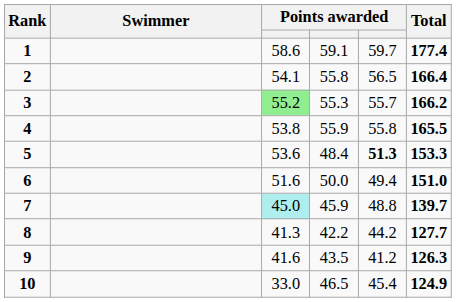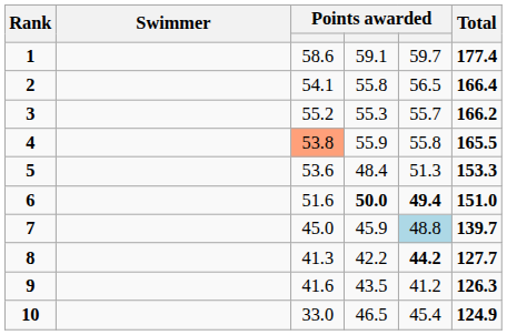 <table class="wikitable" style="text-align:center;">
 <tr>
 <th rowspan=2>Rank</th>
 <th rowspan=2 width=200>Swimmer</th>
 <th colspan=3>Points awarded</th>
 <th rowspan=2>Total</th>
 </tr>
 <tr>
 <th width=40></th>
 <th width=40></th>
 <th width=40></th>
 </tr>
 <tr>
 <td><strong>1</strong></td>
 <td align=left></td>
 <td>58.6</td>
 <td>59.1</td>
 <td>59.7</td>
 <td><strong>177.4</strong></td>
 </tr>
 <tr>
 <td><strong>2</strong></td>
 <td align=left></td>
 <td>54.1</td>
 <td>55.8</td>
 <td>56.5</td>
 <td><strong>166.4</strong></td>
 </tr>
 <tr>
 <td><strong>3</strong></td>
 <td align=left></td>
-<td style="background: lightgreen;">55.2</td>
+<td>55.2</td>
 <td>55.3</td>
 <td>55.7</td>
 <td><strong>166.2</strong></td>
 </tr>
 <tr>
 <td><strong>4</strong></td>
 <td align=left></td>
-<td>53.8</td>
+<td style="background: lightsalmon;">53.8</td>
 <td>55.9</td>
 <td>55.8</td>
 <td><strong>165.5</strong></td>
 </tr>
 <tr>
 <td><strong>5</strong></td>
 <td align=left></td>
 <td>53.6</td>
 <td>48.4</td>
-<td><strong>51.3</strong></td>
+<td>51.3</td>
 <td><strong>153.3</strong></td>
 </tr>
 <tr>
 <td><strong>6</strong></td>
 <td align=left></td>
 <td>51.6</td>
-<td>50.0</td>
-<td>49.4</td>
+<td><strong>50.0</strong></td>
+<td><strong>49.4</strong></td>
 <td><strong>151.0</strong></td>
 </tr>
 <tr>
 <td><strong>7</strong></td>
 <td align=left></td>
-<td style="background: paleturquoise;">45.0</td>
+<td>45.0</td>
 <td>45.9</td>
-<td>48.8</td>
+<td style="background: lightblue;">48.8</td>
 <td><strong>139.7</strong></td>
 </tr>
 <tr>
 <td><strong>8</strong></td>
 <td align=left></td>
 <td>41.3</td>
 <td>42.2</td>
-<td>44.2</td>
+<td><strong>44.2</strong></td>
 <td><strong>127.7</strong></td>
 </tr>
 <tr>
 <td><strong>9</strong></td>
 <td align=left></td>
 <td>41.6</td>
 <td>43.5</td>
 <td>41.2</td>
 <td><strong>126.3</strong></td>
 </tr>
 <tr>
 <td><strong>10</strong></td>
 <td align=left></td>
 <td>33.0</td>
 <td>46.5</td>
 <td>45.4</td>
 <td><strong>124.9</strong></td>
 </tr>
 </table>
